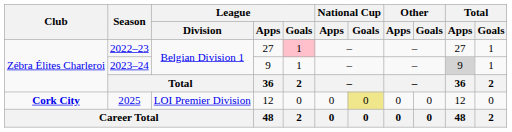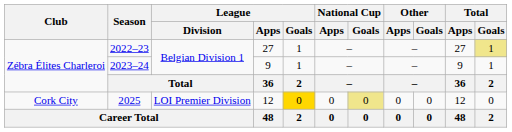 <table class=wikitable style="text-align: center">
 <tr>
 <th rowspan=2>Club</th>
 <th rowspan=2>Season</th>
 <th colspan=3>League</th>
 <th colspan=2>National Cup</th>
 <th colspan=2>Other</th>
 <th colspan=2>Total</th>
 </tr>
 <tr>
 <th>Division</th>
 <th>Apps</th>
 <th>Goals</th>
 <th>Apps</th>
 <th>Goals</th>
 <th>Apps</th>
 <th>Goals</th>
 <th>Apps</th>
 <th>Goals</th>
 </tr>
 <tr>
 <td rowspan="3"><a href='#'>Zébra Élites Charleroi</a></td>
 <td><a href='#'>2022–23</a></td>
 <td rowspan="2"><a href='#'>Belgian Division 1</a></td>
 <td>27</td>
-<td style="background: pink;">1</td>
+<td>1</td>
 <td colspan="2">–</td>
 <td colspan="2">–</td>
 <td>27</td>
-<td>1</td>
+<td style="background: khaki;">1</td>
 </tr>
 <tr>
 <td><a href='#'>2023–24</a></td>
 <td>9</td>
 <td>1</td>
 <td colspan="2">–</td>
 <td colspan="2">–</td>
-<td style="background: lightgrey;">9</td>
+<td>9</td>
 <td>1</td>
 </tr>
 <tr>
 <th colspan="2">Total</th>
 <th>36</th>
 <th>2</th>
 <th colspan="2">–</th>
 <th colspan="2">–</th>
 <th>36</th>
 <th>2</th>
 </tr>
 <tr>
-<td><strong><a href='#'>Cork City</a></strong></td>
+<td><a href='#'>Cork City</a></td>
 <td><a href='#'>2025</a></td>
 <td><a href='#'>LOI Premier Division</a></td>
 <td>12</td>
-<td>0</td>
+<td style="background: gold;">0</td>
 <td>0</td>
 <td style="background: khaki;">0</td>
 <td>0</td>
 <td>0</td>
 <td>12</td>
 <td>0</td>
 </tr>
 <tr>
 <th colspan="3">Career Total</th>
 <th>48</th>
 <th>2</th>
 <th>0</th>
 <th>0</th>
 <th>0</th>
 <th>0</th>
 <th>48</th>
 <th>2</th>
 </tr>
 </table>
